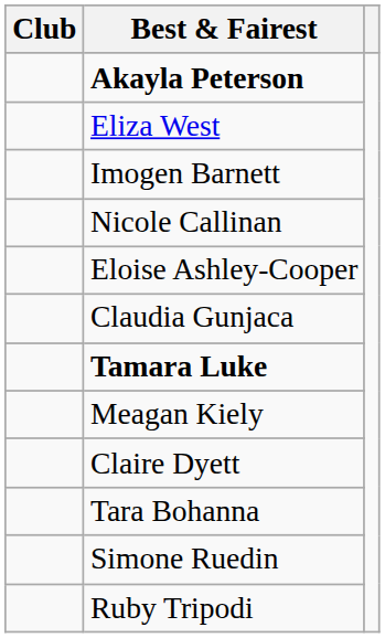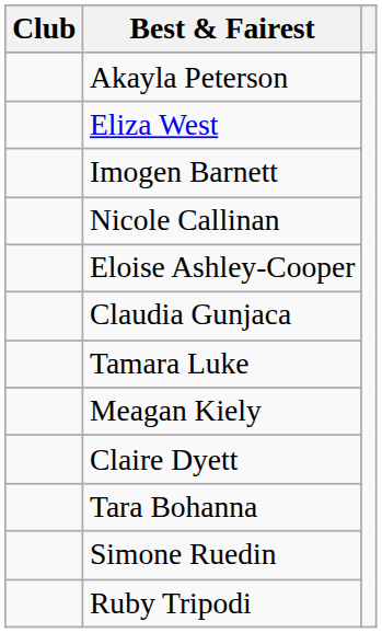 <table class="wikitable">
 <tr>
 <th>Club</th>
 <th>Best & Fairest</th>
 <th></th>
 </tr>
 <tr>
 <td></td>
-<td><strong>Akayla Peterson</strong></td>
+<td>Akayla Peterson</td>
 <td rowspan="12"></td>
 </tr>
 <tr>
 <td></td>
 <td><a href='#'>Eliza West</a></td>
 </tr>
 <tr>
 <td></td>
 <td>Imogen Barnett</td>
 </tr>
 <tr>
 <td></td>
 <td>Nicole Callinan</td>
 </tr>
 <tr>
 <td></td>
 <td>Eloise Ashley-Cooper</td>
 </tr>
 <tr>
 <td></td>
 <td>Claudia Gunjaca</td>
 </tr>
 <tr>
 <td></td>
-<td><strong>Tamara Luke</strong></td>
+<td>Tamara Luke</td>
 </tr>
 <tr>
 <td></td>
 <td>Meagan Kiely</td>
 </tr>
 <tr>
 <td></td>
 <td>Claire Dyett</td>
 </tr>
 <tr>
 <td></td>
 <td>Tara Bohanna</td>
 </tr>
 <tr>
 <td></td>
 <td>Simone Ruedin</td>
 </tr>
 <tr>
 <td></td>
 <td>Ruby Tripodi</td>
 </tr>
 </table>
